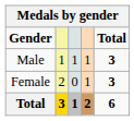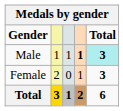 <table class="wikitable" style="font-size:85%; float:right">
 <tr style="background:#efefef;">
 <th colspan=5>Medals by gender</th>
 </tr>
 <tr align=center>
 <td><strong>Gender</strong></td>
 <td style="background:#f7f6a8;"></td>
 <td style="background:#dce5e5;"></td>
 <td style="background:#ffdab9;"></td>
 <td><strong>Total</strong></td>
 </tr>
 <tr align=center>
 <td>Male</td>
 <td style="background:#F7F6A8;">1</td>
 <td style="background:#DCE5E5;">1</td>
-<td style="background:#FFDAB9;">1</td>
-<td><strong>3</strong></td>
+<td style="background:#FFDAB9;"><strong>1</strong></td>
+<td style="background: paleturquoise;"><strong>3</strong></td>
 </tr>
 <tr align=center>
 <td>Female</td>
 <td style="background:#F7F6A8;">2</td>
 <td style="background:#DCE5E5;">0</td>
 <td style="background:#FFDAB9;">1</td>
 <td><strong>3</strong></td>
 </tr>
 <tr align=center>
 <th>Total</th>
 <td style="background:gold;"><strong>3</strong></td>
 <td style="background:silver;"><strong>1</strong></td>
 <td style="background:#c96;"><strong>2</strong></td>
 <td><strong>6</strong></td>
 </tr>
 </table>
